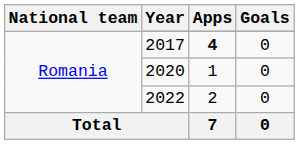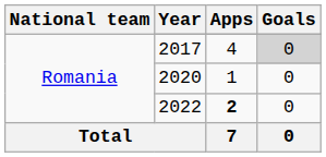 <table class="wikitable" style="text-align: center;">
 <tr>
 <th>National team</th>
 <th>Year</th>
 <th>Apps</th>
 <th>Goals</th>
 </tr>
 <tr>
 <td rowspan="4"><a href='#'>Romania</a></td>
 </tr>
 <tr>
 <td>2017</td>
-<td><strong>4</strong></td>
-<td>0</td>
+<td>4</td>
+<td style="background: lightgrey;">0</td>
 </tr>
 <tr>
 <td>2020</td>
 <td>1</td>
 <td>0</td>
 </tr>
 <tr>
 <td>2022</td>
-<td>2</td>
+<td><strong>2</strong></td>
 <td>0</td>
 </tr>
 <tr>
 <th colspan=2>Total</th>
 <th>7</th>
 <th>0</th>
 </tr>
 </table>
